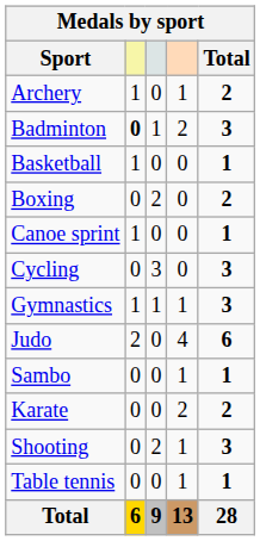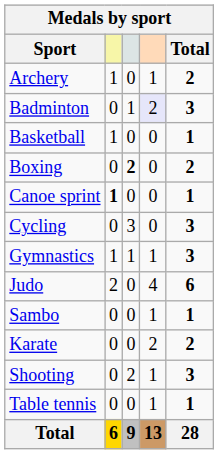 <table class="wikitable" style="text-align:center;font-size:85%;float:right;clear:right;">
 <tr style="background:#efefef;">
 <th colspan=5>Medals by sport</th>
 </tr>
 <tr>
 <th>Sport</th>
 <td bgcolor=#f7f6a8></td>
 <td bgcolor=#dce5e5></td>
 <td bgcolor=#ffdab9></td>
 <th>Total</th>
 </tr>
 <tr>
 <td align=left><a href='#'>Archery</a></td>
 <td>1</td>
 <td>0</td>
 <td>1</td>
 <td><strong>2</strong></td>
 </tr>
 <tr>
 <td align=left><a href='#'>Badminton</a></td>
-<td><strong>0</strong></td>
+<td>0</td>
 <td>1</td>
-<td>2</td>
+<td style="background: lavender;">2</td>
 <td><strong>3</strong></td>
 </tr>
 <tr>
 <td align=left><a href='#'>Basketball</a></td>
 <td>1</td>
 <td>0</td>
 <td>0</td>
 <td><strong>1</strong></td>
 </tr>
 <tr>
 <td align=left><a href='#'>Boxing</a></td>
 <td>0</td>
-<td>2</td>
+<td><strong>2</strong></td>
 <td>0</td>
 <td><strong>2</strong></td>
 </tr>
 <tr>
 <td align=left><a href='#'>Canoe sprint</a></td>
-<td>1</td>
+<td><strong>1</strong></td>
 <td>0</td>
 <td>0</td>
 <td><strong>1</strong></td>
 </tr>
 <tr>
 <td align=left><a href='#'>Cycling</a></td>
 <td>0</td>
 <td>3</td>
 <td>0</td>
 <td><strong>3</strong></td>
 </tr>
 <tr>
 <td align=left><a href='#'>Gymnastics</a></td>
 <td>1</td>
 <td>1</td>
 <td>1</td>
 <td><strong>3</strong></td>
 </tr>
 <tr>
 <td align=left><a href='#'>Judo</a></td>
 <td>2</td>
 <td>0</td>
 <td>4</td>
 <td><strong>6</strong></td>
 </tr>
 <tr>
 <td align=left><a href='#'>Sambo</a></td>
 <td>0</td>
 <td>0</td>
 <td>1</td>
 <td><strong>1</strong></td>
 </tr>
 <tr>
 <td align=left><a href='#'>Karate</a></td>
 <td>0</td>
 <td>0</td>
 <td>2</td>
 <td><strong>2</strong></td>
 </tr>
 <tr>
 <td align=left><a href='#'>Shooting</a></td>
 <td>0</td>
 <td>2</td>
 <td>1</td>
 <td><strong>3</strong></td>
 </tr>
 <tr>
 <td align=left><a href='#'>Table tennis</a></td>
 <td>0</td>
 <td>0</td>
 <td>1</td>
 <td><strong>1</strong></td>
 </tr>
 <tr>
 <th>Total</th>
 <th style="background:gold;">6</th>
 <th style="background:silver;">9</th>
 <th style="background:#c96;">13</th>
 <th>28</th>
 </tr>
 </table>
